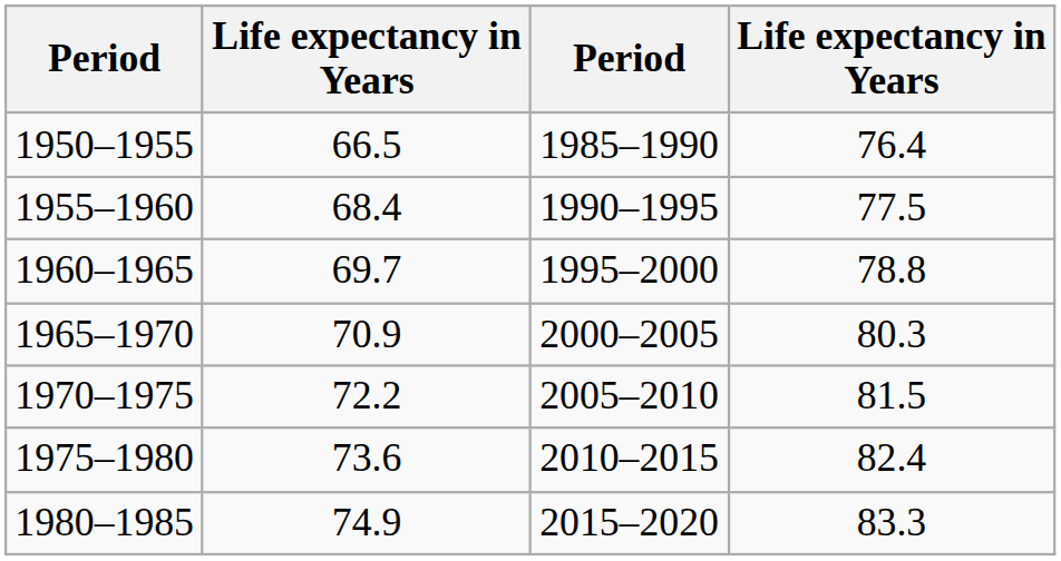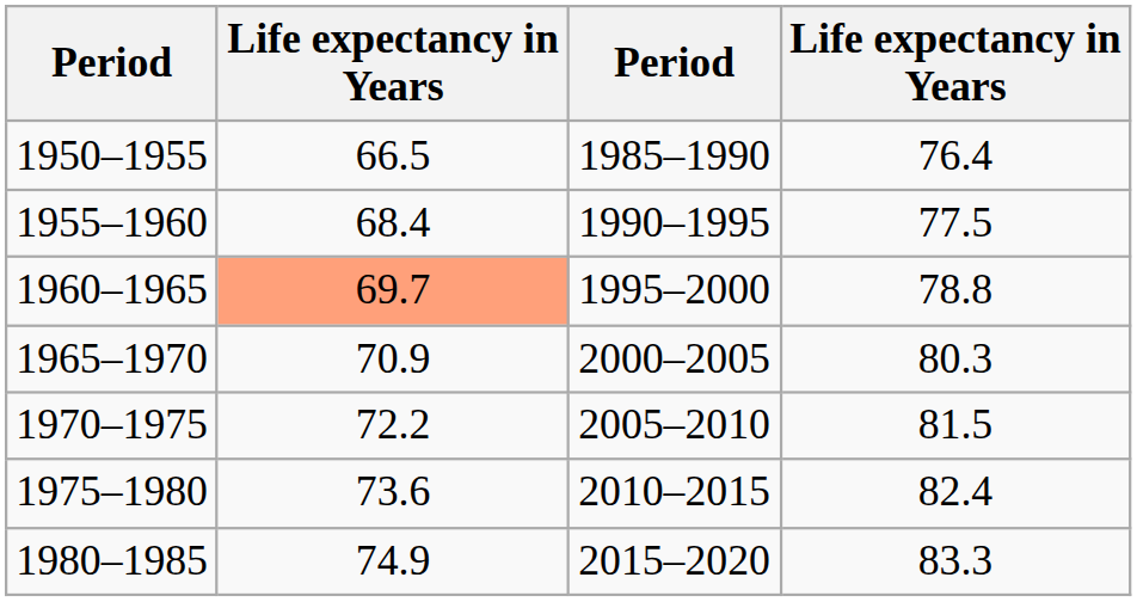 <table class="wikitable" style="text-align: center;">
 <tr>
 <th>Period</th>
 <th>Life expectancy in<br>Years</th>
 <th>Period</th>
 <th>Life expectancy in<br>Years</th>
 </tr>
 <tr>
 <td>1950–1955</td>
 <td>66.5</td>
 <td>1985–1990</td>
 <td>76.4</td>
 </tr>
 <tr>
 <td>1955–1960</td>
 <td>68.4</td>
 <td>1990–1995</td>
 <td>77.5</td>
 </tr>
 <tr>
 <td>1960–1965</td>
-<td>69.7</td>
+<td style="background: lightsalmon;">69.7</td>
 <td>1995–2000</td>
 <td>78.8</td>
 </tr>
 <tr>
 <td>1965–1970</td>
 <td>70.9</td>
 <td>2000–2005</td>
 <td>80.3</td>
 </tr>
 <tr>
 <td>1970–1975</td>
 <td>72.2</td>
 <td>2005–2010</td>
 <td>81.5</td>
 </tr>
 <tr>
 <td>1975–1980</td>
 <td>73.6</td>
 <td>2010–2015</td>
 <td>82.4</td>
 </tr>
 <tr>
 <td>1980–1985</td>
 <td>74.9</td>
 <td>2015–2020</td>
 <td>83.3</td>
 </tr>
 </table>
